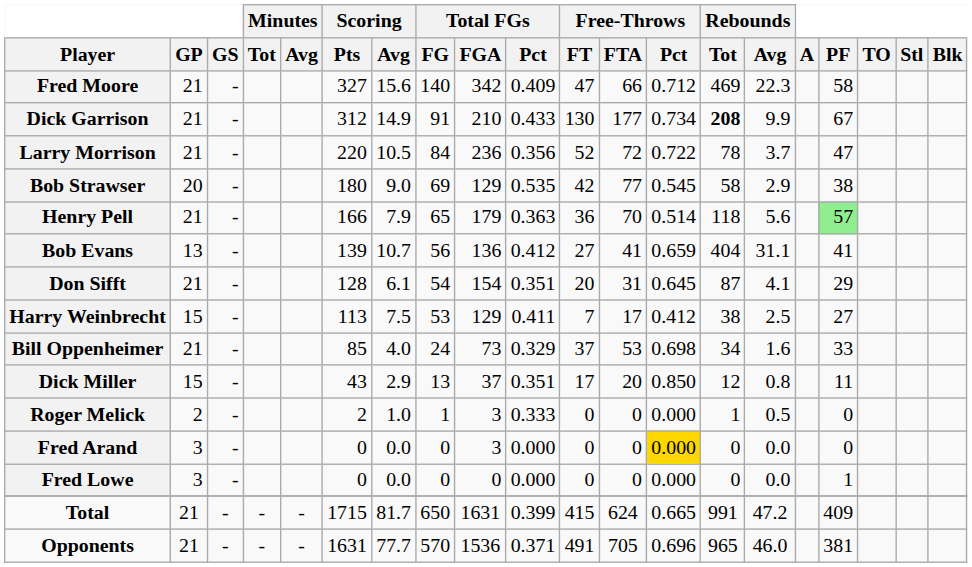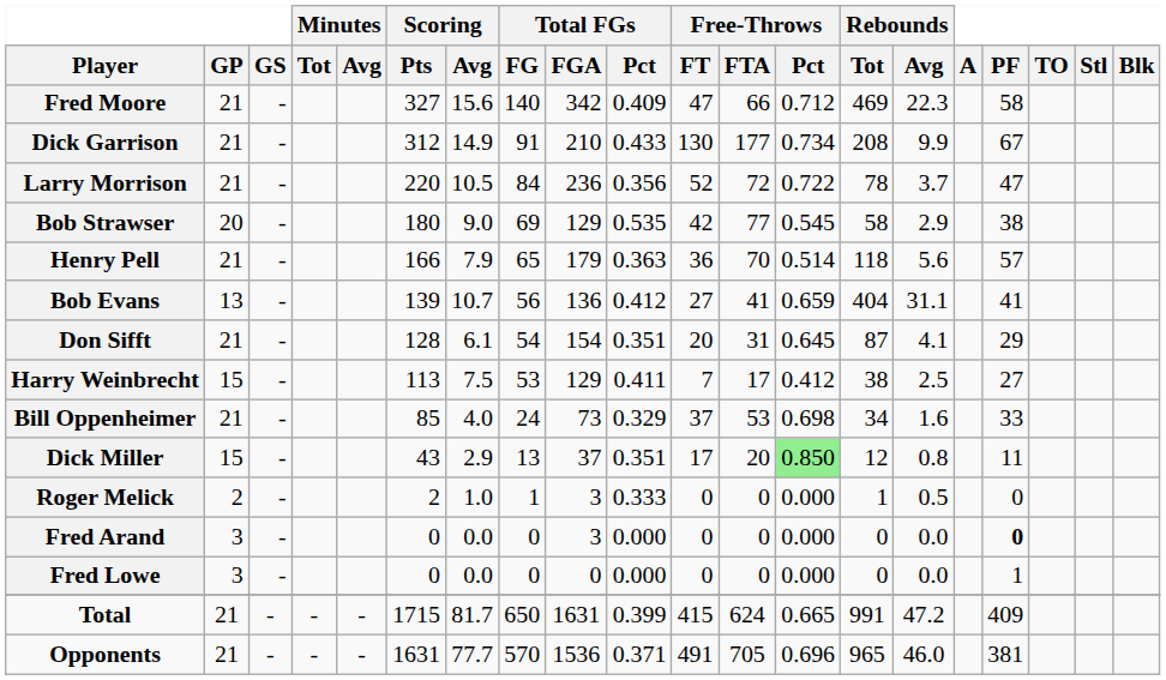 <table class="wikitable sortable" border="1" style="font-size:90%;">
 <tr>
 <th colspan="3" style="border-top-style:hidden; border-left-style:hidden; background: white;"></th>
 <th colspan="2" style=>Minutes</th>
 <th colspan="2" style=>Scoring</th>
 <th colspan="3" style=>Total FGs</th>
 <th colspan="3" style=>Free-Throws</th>
 <th colspan="2" style=>Rebounds</th>
 <th colspan="5" style="border-top-style:hidden; border-right-style:hidden; background: white;"></th>
 </tr>
 <tr>
 <th scope="col" style=>Player</th>
 <th scope="col" style=>GP</th>
 <th scope="col" style=>GS</th>
 <th scope="col" style=>Tot</th>
 <th scope="col" style=>Avg</th>
 <th scope="col" style=>Pts</th>
 <th scope="col" style=>Avg</th>
 <th scope="col" style=>FG</th>
 <th scope="col" style=>FGA</th>
 <th scope="col" style=>Pct</th>
 <th scope="col" style=>FT</th>
 <th scope="col" style=>FTA</th>
 <th scope="col" style=>Pct</th>
 <th scope="col" style=>Tot</th>
 <th scope="col" style=>Avg</th>
 <th scope="col" style=>A</th>
 <th scope="col" style=>PF</th>
 <th scope="col" style=>TO</th>
 <th scope="col" style=>Stl</th>
 <th scope="col" style=>Blk</th>
 </tr>
 <tr>
 <th>Fred Moore</th>
 <td align="right">21</td>
 <td align="right">-</td>
 <td align="right"></td>
 <td align="right"></td>
 <td align="right">327</td>
 <td align="right">15.6</td>
 <td align="right">140</td>
 <td align="right">342</td>
 <td align="right">0.409</td>
 <td align="right">47</td>
 <td align="right">66</td>
 <td align="right">0.712</td>
 <td align="right">469</td>
 <td align="right">22.3</td>
 <td align="right"></td>
 <td align="right">58</td>
 <td align="right"></td>
 <td align="right"></td>
 <td align="right"></td>
 </tr>
 <tr>
 <th>Dick Garrison</th>
 <td align="right">21</td>
 <td align="right">-</td>
 <td align="right"></td>
 <td align="right"></td>
 <td align="right">312</td>
 <td align="right">14.9</td>
 <td align="right">91</td>
 <td align="right">210</td>
 <td align="right">0.433</td>
 <td align="right">130</td>
 <td align="right">177</td>
 <td align="right">0.734</td>
-<td align="right"><strong>208</strong></td>
+<td align="right">208</td>
 <td align="right">9.9</td>
 <td align="right"></td>
 <td align="right">67</td>
 <td align="right"></td>
 <td align="right"></td>
 <td align="right"></td>
 </tr>
 <tr>
 <th>Larry Morrison</th>
 <td align="right">21</td>
 <td align="right">-</td>
 <td align="right"></td>
 <td align="right"></td>
 <td align="right">220</td>
 <td align="right">10.5</td>
 <td align="right">84</td>
 <td align="right">236</td>
 <td align="right">0.356</td>
 <td align="right">52</td>
 <td align="right">72</td>
 <td align="right">0.722</td>
 <td align="right">78</td>
 <td align="right">3.7</td>
 <td align="right"></td>
 <td align="right">47</td>
 <td align="right"></td>
 <td align="right"></td>
 <td align="right"></td>
 </tr>
 <tr>
 <th>Bob Strawser</th>
 <td align="right">20</td>
 <td align="right">-</td>
 <td align="right"></td>
 <td align="right"></td>
 <td align="right">180</td>
 <td align="right">9.0</td>
 <td align="right">69</td>
 <td align="right">129</td>
 <td align="right">0.535</td>
 <td align="right">42</td>
 <td align="right">77</td>
 <td align="right">0.545</td>
 <td align="right">58</td>
 <td align="right">2.9</td>
 <td align="right"></td>
 <td align="right">38</td>
 <td align="right"></td>
 <td align="right"></td>
 <td align="right"></td>
 </tr>
 <tr>
 <th>Henry Pell</th>
 <td align="right">21</td>
 <td align="right">-</td>
 <td align="right"></td>
 <td align="right"></td>
 <td align="right">166</td>
 <td align="right">7.9</td>
 <td align="right">65</td>
 <td align="right">179</td>
 <td align="right">0.363</td>
 <td align="right">36</td>
 <td align="right">70</td>
 <td align="right">0.514</td>
 <td align="right">118</td>
 <td align="right">5.6</td>
 <td align="right"></td>
-<td align="right" style="background: lightgreen;">57</td>
+<td align="right">57</td>
 <td align="right"></td>
 <td align="right"></td>
 <td align="right"></td>
 </tr>
 <tr>
 <th>Bob Evans</th>
 <td align="right">13</td>
 <td align="right">-</td>
 <td align="right"></td>
 <td align="right"></td>
 <td align="right">139</td>
 <td align="right">10.7</td>
 <td align="right">56</td>
 <td align="right">136</td>
 <td align="right">0.412</td>
 <td align="right">27</td>
 <td align="right">41</td>
 <td align="right">0.659</td>
 <td align="right">404</td>
 <td align="right">31.1</td>
 <td align="right"></td>
 <td align="right">41</td>
 <td align="right"></td>
 <td align="right"></td>
 <td align="right"></td>
 </tr>
 <tr>
 <th>Don Sifft</th>
 <td align="right">21</td>
 <td align="right">-</td>
 <td align="right"></td>
 <td align="right"></td>
 <td align="right">128</td>
 <td align="right">6.1</td>
 <td align="right">54</td>
 <td align="right">154</td>
 <td align="right">0.351</td>
 <td align="right">20</td>
 <td align="right">31</td>
 <td align="right">0.645</td>
 <td align="right">87</td>
 <td align="right">4.1</td>
 <td align="right"></td>
 <td align="right">29</td>
 <td align="right"></td>
 <td align="right"></td>
 <td align="right"></td>
 </tr>
 <tr>
 <th>Harry Weinbrecht</th>
 <td align="right">15</td>
 <td align="right">-</td>
 <td align="right"></td>
 <td align="right"></td>
 <td align="right">113</td>
 <td align="right">7.5</td>
 <td align="right">53</td>
 <td align="right">129</td>
 <td align="right">0.411</td>
 <td align="right">7</td>
 <td align="right">17</td>
 <td align="right">0.412</td>
 <td align="right">38</td>
 <td align="right">2.5</td>
 <td align="right"></td>
 <td align="right">27</td>
 <td align="right"></td>
 <td align="right"></td>
 <td align="right"></td>
 </tr>
 <tr>
 <th>Bill Oppenheimer</th>
 <td align="right">21</td>
 <td align="right">-</td>
 <td align="right"></td>
 <td align="right"></td>
 <td align="right">85</td>
 <td align="right">4.0</td>
 <td align="right">24</td>
 <td align="right">73</td>
 <td align="right">0.329</td>
 <td align="right">37</td>
 <td align="right">53</td>
 <td align="right">0.698</td>
 <td align="right">34</td>
 <td align="right">1.6</td>
 <td align="right"></td>
 <td align="right">33</td>
 <td align="right"></td>
 <td align="right"></td>
 <td align="right"></td>
 </tr>
 <tr>
 <th>Dick Miller</th>
 <td align="right">15</td>
 <td align="right">-</td>
 <td align="right"></td>
 <td align="right"></td>
 <td align="right">43</td>
 <td align="right">2.9</td>
 <td align="right">13</td>
 <td align="right">37</td>
 <td align="right">0.351</td>
 <td align="right">17</td>
 <td align="right">20</td>
-<td align="right">0.850</td>
+<td align="right" style="background: lightgreen;">0.850</td>
 <td align="right">12</td>
 <td align="right">0.8</td>
 <td align="right"></td>
 <td align="right">11</td>
 <td align="right"></td>
 <td align="right"></td>
 <td align="right"></td>
 </tr>
 <tr>
 <th>Roger Melick</th>
 <td align="right">2</td>
 <td align="right">-</td>
 <td align="right"></td>
 <td align="right"></td>
 <td align="right">2</td>
 <td align="right">1.0</td>
 <td align="right">1</td>
 <td align="right">3</td>
 <td align="right">0.333</td>
 <td align="right">0</td>
 <td align="right">0</td>
 <td align="right">0.000</td>
 <td align="right">1</td>
 <td align="right">0.5</td>
 <td align="right"></td>
 <td align="right">0</td>
 <td align="right"></td>
 <td align="right"></td>
 <td align="right"></td>
 </tr>
 <tr>
 <th>Fred Arand</th>
 <td align="right">3</td>
 <td align="right">-</td>
 <td align="right"></td>
 <td align="right"></td>
 <td align="right">0</td>
 <td align="right">0.0</td>
 <td align="right">0</td>
 <td align="right">3</td>
 <td align="right">0.000</td>
 <td align="right">0</td>
 <td align="right">0</td>
-<td align="right" style="background: gold;">0.000</td>
+<td align="right">0.000</td>
 <td align="right">0</td>
 <td align="right">0.0</td>
 <td align="right"></td>
-<td align="right">0</td>
+<td align="right"><strong>0</strong></td>
 <td align="right"></td>
 <td align="right"></td>
 <td align="right"></td>
 </tr>
 <tr>
 <th>Fred Lowe</th>
 <td align="right">3</td>
 <td align="right">-</td>
 <td align="right"></td>
 <td align="right"></td>
 <td align="right">0</td>
 <td align="right">0.0</td>
 <td align="right">0</td>
 <td align="right">0</td>
 <td align="right">0.000</td>
 <td align="right">0</td>
 <td align="right">0</td>
 <td align="right">0.000</td>
 <td align="right">0</td>
 <td align="right">0.0</td>
 <td align="right"></td>
 <td align="right">1</td>
 <td align="right"></td>
 <td align="right"></td>
 <td align="right"></td>
 </tr>
 <tr>
 </tr>
 <tr class="sortbottom">
 <td align="center" style=><strong>Total</strong></td>
 <td align="center" style=>21</td>
 <td align="center" style=>-</td>
 <td align="center" style=>-</td>
 <td align="center" style=>-</td>
 <td align="center" style=>1715</td>
 <td align="center" style=>81.7</td>
 <td align="center" style=>650</td>
 <td align="center" style=>1631</td>
 <td align="center" style=>0.399</td>
 <td align="center" style=>415</td>
 <td align="center" style=>624</td>
 <td align="center" style=>0.665</td>
 <td align="center" style=>991</td>
 <td align="center" style=>47.2</td>
 <td align="center" style=></td>
 <td align="center" style=>409</td>
 <td align="center" style=></td>
 <td align="center" style=></td>
 <td align="center" style=></td>
 </tr>
 <tr class="sortbottom">
 <td align="center"><strong>Opponents</strong></td>
 <td align="center">21</td>
 <td align="center">-</td>
 <td align="center">-</td>
 <td align="center">-</td>
 <td align="center">1631</td>
 <td align="center">77.7</td>
 <td align="center">570</td>
 <td align="center">1536</td>
 <td align="center">0.371</td>
 <td align="center">491</td>
 <td align="center">705</td>
 <td align="center">0.696</td>
 <td align="center">965</td>
 <td align="center">46.0</td>
 <td align="center"></td>
 <td align="center">381</td>
 <td align="center"></td>
 <td align="center"></td>
 <td align="center"></td>
 </tr>
 </table>
